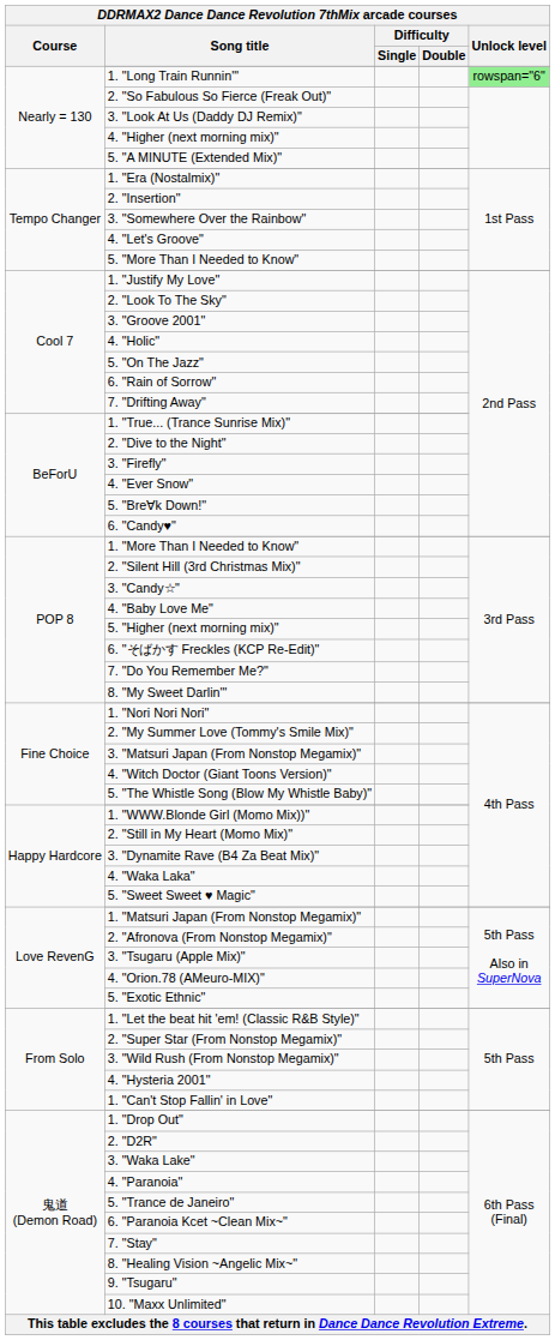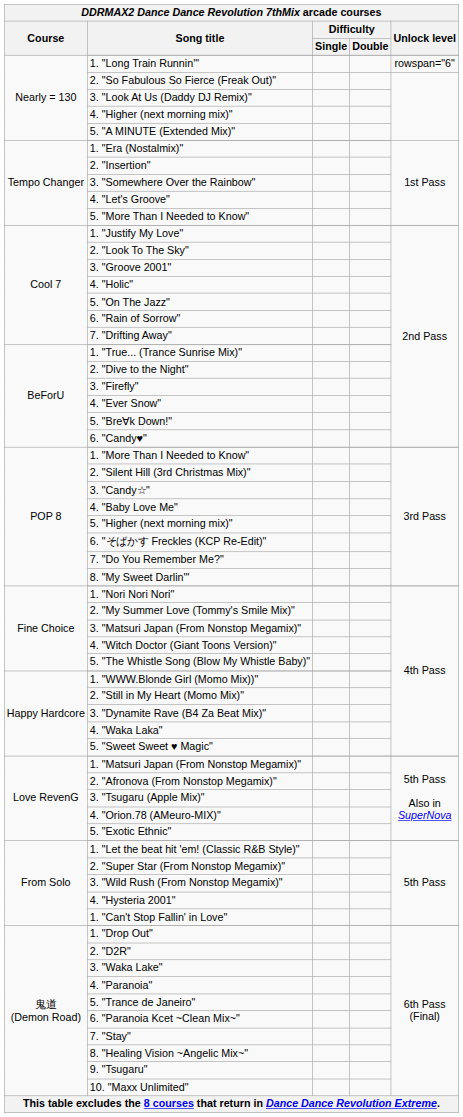 <table class="wikitable collapsible collapsed" style="font-size:100%; text-align: center;">
 <tr>
 <th colspan="5"><em>DDRMAX2 Dance Dance Revolution 7thMix</em> arcade courses</th>
 </tr>
 <tr>
 <th rowspan="2">Course</th>
 <th rowspan="2">Song title</th>
 <th colspan="2">Difficulty</th>
 <th rowspan="2">Unlock level</th>
 </tr>
 <tr>
 <th>Single</th>
 <th>Double</th>
 </tr>
 <tr>
 <td rowspan="6">Nearly = 130</td>
 </tr>
 <tr>
 <td style="text-align: left;">1. "Long Train Runnin'"</td>
 <td></td>
 <td></td>
-<td style="background: lightgreen;">rowspan="6" </td>
+<td>rowspan="6" </td>
 </tr>
 <tr>
 <td style="text-align: left;">2. "So Fabulous So Fierce (Freak Out)"</td>
 <td></td>
 <td></td>
 </tr>
 <tr>
 <td style="text-align: left;">3. "Look At Us (Daddy DJ Remix)"</td>
 <td></td>
 <td></td>
 </tr>
 <tr>
 <td style="text-align: left;">4. "Higher (next morning mix)"</td>
 <td></td>
 <td></td>
 </tr>
 <tr>
 <td style="text-align: left;">5. "A MINUTE (Extended Mix)"</td>
 <td></td>
 <td></td>
 </tr>
 <tr>
 <td rowspan="6">Tempo Changer</td>
 </tr>
 <tr>
 <td style="text-align: left;">1. "Era (Nostalmix)"</td>
 <td></td>
 <td></td>
 <td rowspan="5" style="text-align: center;">1st Pass</td>
 </tr>
 <tr>
 <td style="text-align: left;">2. "Insertion"</td>
 <td></td>
 <td></td>
 </tr>
 <tr>
 <td style="text-align: left;">3. "Somewhere Over the Rainbow"</td>
 <td></td>
 <td></td>
 </tr>
 <tr>
 <td style="text-align: left;">4. "Let's Groove"</td>
 <td></td>
 <td></td>
 </tr>
 <tr>
 <td style="text-align: left;">5. "More Than I Needed to Know"</td>
 <td></td>
 <td></td>
 </tr>
 <tr>
 <td rowspan="8">Cool 7</td>
 </tr>
 <tr>
 <td style="text-align: left;">1. "Justify My Love"</td>
 <td></td>
 <td></td>
 <td rowspan="14" style="text-align: center;">2nd Pass</td>
 </tr>
 <tr>
 <td style="text-align: left;">2. "Look To The Sky"</td>
 <td></td>
 <td></td>
 </tr>
 <tr>
 <td style="text-align: left;">3. "Groove 2001"</td>
 <td></td>
 <td></td>
 </tr>
 <tr>
 <td style="text-align: left;">4. "Holic"</td>
 <td></td>
 <td></td>
 </tr>
 <tr>
 <td style="text-align: left;">5. "On The Jazz"</td>
 <td></td>
 <td></td>
 </tr>
 <tr>
 <td style="text-align: left;">6. "Rain of Sorrow"</td>
 <td></td>
 <td></td>
 </tr>
 <tr>
 <td style="text-align: left;">7. "Drifting Away"</td>
 <td></td>
 <td></td>
 </tr>
 <tr>
 <td rowspan="7">BeForU</td>
 </tr>
 <tr>
 <td style="text-align: left;">1. "True... (Trance Sunrise Mix)"</td>
 <td></td>
 <td></td>
 </tr>
 <tr>
 <td style="text-align: left;">2. "Dive to the Night"</td>
 <td></td>
 <td></td>
 </tr>
 <tr>
 <td style="text-align: left;">3. "Firefly"</td>
 <td></td>
 <td></td>
 </tr>
 <tr>
 <td style="text-align: left;">4. "Ever Snow"</td>
 <td></td>
 <td></td>
 </tr>
 <tr>
 <td style="text-align: left;">5. "Bre∀k Down!"</td>
 <td></td>
 <td></td>
 </tr>
 <tr>
 <td style="text-align: left;">6. "Candy♥"</td>
 <td></td>
 <td></td>
 </tr>
 <tr>
 <td rowspan="9">POP 8</td>
 </tr>
 <tr>
 <td style="text-align: left;">1. "More Than I Needed to Know"</td>
 <td></td>
 <td></td>
 <td rowspan="8">3rd Pass</td>
 </tr>
 <tr>
 <td style="text-align: left;">2. "Silent Hill (3rd Christmas Mix)"</td>
 <td></td>
 <td></td>
 </tr>
 <tr>
 <td style="text-align: left;">3. "Candy☆"</td>
 <td></td>
 <td></td>
 </tr>
 <tr>
 <td style="text-align: left;">4. "Baby Love Me"</td>
 <td></td>
 <td></td>
 </tr>
 <tr>
 <td style="text-align: left;">5. "Higher (next morning mix)"</td>
 <td></td>
 <td></td>
 </tr>
 <tr>
 <td style="text-align: left;">6. "そばかす Freckles (KCP Re-Edit)"</td>
 <td></td>
 <td></td>
 </tr>
 <tr>
 <td style="text-align: left;">7. "Do You Remember Me?"</td>
 <td></td>
 <td></td>
 </tr>
 <tr>
 <td style="text-align: left;">8. "My Sweet Darlin'"</td>
 <td></td>
 <td></td>
 </tr>
 <tr>
 <td rowspan="6">Fine Choice</td>
 </tr>
 <tr>
 <td style="text-align: left;">1. "Nori Nori Nori"</td>
 <td></td>
 <td></td>
 <td rowspan="11">4th Pass</td>
 </tr>
 <tr>
 <td style="text-align: left;">2. "My Summer Love (Tommy's Smile Mix)"</td>
 <td></td>
 <td></td>
 </tr>
 <tr>
 <td style="text-align: left;">3. "Matsuri Japan (From Nonstop Megamix)"</td>
 <td></td>
 <td></td>
 </tr>
 <tr>
 <td style="text-align: left;">4. "Witch Doctor (Giant Toons Version)"</td>
 <td></td>
 <td></td>
 </tr>
 <tr>
 <td style="text-align: left;">5. "The Whistle Song (Blow My Whistle Baby)"</td>
 <td></td>
 <td></td>
 </tr>
 <tr>
 <td rowspan="6">Happy Hardcore</td>
 </tr>
 <tr>
 <td style="text-align: left;">1. "WWW.Blonde Girl (Momo Mix))"</td>
 <td></td>
 <td></td>
 </tr>
 <tr>
 <td style="text-align: left;">2. "Still in My Heart (Momo Mix)"</td>
 <td></td>
 <td></td>
 </tr>
 <tr>
 <td style="text-align: left;">3. "Dynamite Rave (B4 Za Beat Mix)"</td>
 <td></td>
 <td></td>
 </tr>
 <tr>
 <td style="text-align: left;">4. "Waka Laka"</td>
 <td></td>
 <td></td>
 </tr>
 <tr>
 <td style="text-align: left;">5. "Sweet Sweet ♥ Magic"</td>
 <td></td>
 <td></td>
 </tr>
 <tr>
 <td rowspan="6">Love RevenG</td>
 </tr>
 <tr>
 <td style="text-align: left;">1. "Matsuri Japan (From Nonstop Megamix)"</td>
 <td></td>
 <td></td>
 <td rowspan="5" style="text-align: center;">5th Pass<br><br>Also in<br><em><a href='#'>SuperNova</a></em></td>
 </tr>
 <tr>
 <td style="text-align: left;">2. "Afronova (From Nonstop Megamix)"</td>
 <td></td>
 <td></td>
 </tr>
 <tr>
 <td style="text-align: left;">3. "Tsugaru (Apple Mix)"</td>
 <td></td>
 <td></td>
 </tr>
 <tr>
 <td style="text-align: left;">4. "Orion.78 (AMeuro-MIX)"</td>
 <td></td>
 <td></td>
 </tr>
 <tr>
 <td style="text-align: left;">5. "Exotic Ethnic"</td>
 <td></td>
 <td></td>
 </tr>
 <tr>
 <td rowspan="6">From Solo</td>
 </tr>
 <tr>
 <td style="text-align: left;">1. "Let the beat hit 'em! (Classic R&B Style)"</td>
 <td></td>
 <td></td>
 <td rowspan="5">5th Pass</td>
 </tr>
 <tr>
 <td style="text-align: left;">2. "Super Star (From Nonstop Megamix)"</td>
 <td></td>
 <td></td>
 </tr>
 <tr>
 <td style="text-align: left;">3. "Wild Rush (From Nonstop Megamix)"</td>
 <td></td>
 <td></td>
 </tr>
 <tr>
 <td style="text-align: left;">4. "Hysteria 2001"</td>
 <td></td>
 <td></td>
 </tr>
 <tr>
 <td style="text-align: left;">1. "Can't Stop Fallin' in Love"</td>
 <td></td>
 <td></td>
 </tr>
 <tr>
 <td rowspan="11">鬼道<br>(Demon Road)</td>
 </tr>
 <tr>
 <td style="text-align: left;">1. "Drop Out"</td>
 <td></td>
 <td></td>
 <td rowspan="10">6th Pass<br>(Final)</td>
 </tr>
 <tr>
 <td style="text-align: left;">2. "D2R"</td>
 <td></td>
 <td></td>
 </tr>
 <tr>
 <td style="text-align: left;">3. "Waka Lake"</td>
 <td></td>
 <td></td>
 </tr>
 <tr>
 <td style="text-align: left;">4. "Paranoia"</td>
 <td></td>
 <td></td>
 </tr>
 <tr>
 <td style="text-align: left;">5. "Trance de Janeiro"</td>
 <td></td>
 <td></td>
 </tr>
 <tr>
 <td style="text-align: left;">6. "Paranoia Kcet ~Clean Mix~"</td>
 <td></td>
 <td></td>
 </tr>
 <tr>
 <td style="text-align: left;">7. "Stay"</td>
 <td></td>
 <td></td>
 </tr>
 <tr>
 <td style="text-align: left;">8. "Healing Vision ~Angelic Mix~"</td>
 <td></td>
 <td></td>
 </tr>
 <tr>
 <td style="text-align: left;">9. "Tsugaru"</td>
 <td></td>
 <td></td>
 </tr>
 <tr>
 <td style="text-align: left;">10. "Maxx Unlimited"</td>
 <td></td>
 <td></td>
 </tr>
 <tr>
 <th colspan="5">This table excludes the <a href='#'>8 courses</a> that return in <em><a href='#'>Dance Dance Revolution Extreme</a></em>.</th>
 </tr>
 </table>
